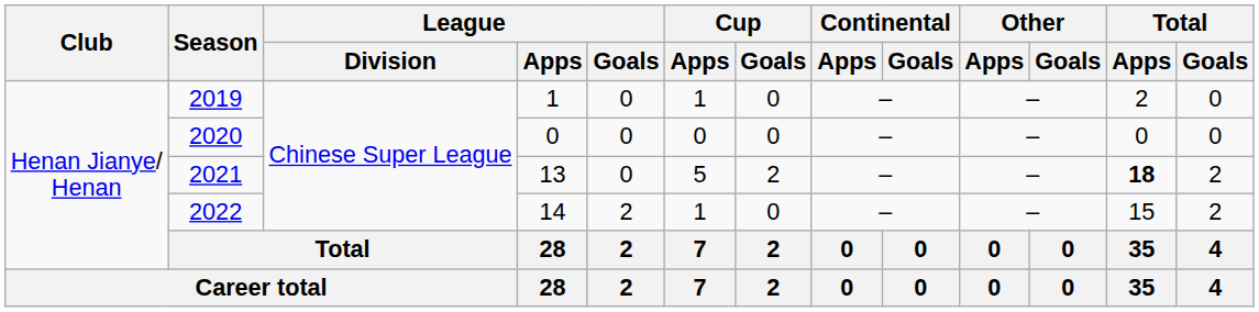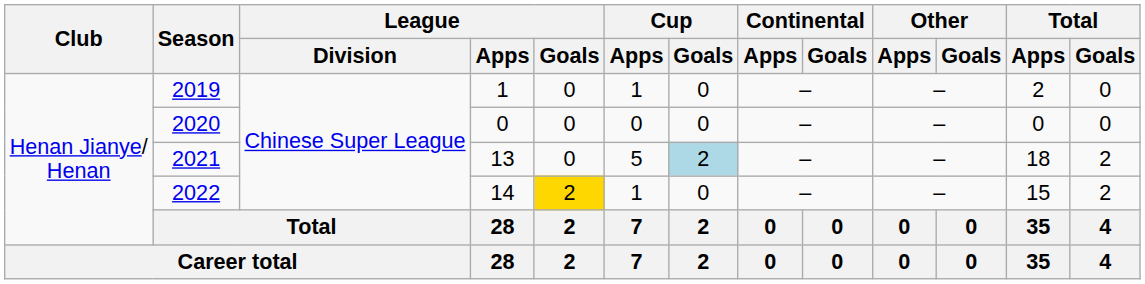 <table class="wikitable" style="text-align: center">
 <tr>
 <th rowspan="2">Club</th>
 <th rowspan="2">Season</th>
 <th colspan="3">League</th>
 <th colspan="2">Cup</th>
 <th colspan="2">Continental</th>
 <th colspan="2">Other</th>
 <th colspan="2">Total</th>
 </tr>
 <tr>
 <th>Division</th>
 <th>Apps</th>
 <th>Goals</th>
 <th>Apps</th>
 <th>Goals</th>
 <th>Apps</th>
 <th>Goals</th>
 <th>Apps</th>
 <th>Goals</th>
 <th>Apps</th>
 <th>Goals</th>
 </tr>
 <tr>
 <td rowspan=5><a href='#'>Henan Jianye</a>/<br><a href='#'>Henan</a></td>
 <td><a href='#'>2019</a></td>
 <td rowspan=4><a href='#'>Chinese Super League</a></td>
 <td>1</td>
 <td>0</td>
 <td>1</td>
 <td>0</td>
 <td colspan="2">–</td>
 <td colspan="2">–</td>
 <td>2</td>
 <td>0</td>
 </tr>
 <tr>
 <td><a href='#'>2020</a></td>
 <td>0</td>
 <td>0</td>
 <td>0</td>
 <td>0</td>
 <td colspan="2">–</td>
 <td colspan="2">–</td>
 <td>0</td>
 <td>0</td>
 </tr>
 <tr>
 <td><a href='#'>2021</a></td>
 <td>13</td>
 <td>0</td>
 <td>5</td>
-<td>2</td>
+<td style="background: lightblue;">2</td>
 <td colspan="2">–</td>
 <td colspan="2">–</td>
-<td><strong>18</strong></td>
+<td>18</td>
 <td>2</td>
 </tr>
 <tr>
 <td><a href='#'>2022</a></td>
 <td>14</td>
-<td>2</td>
+<td style="background: gold;">2</td>
 <td>1</td>
 <td>0</td>
 <td colspan="2">–</td>
 <td colspan="2">–</td>
 <td>15</td>
 <td>2</td>
 </tr>
 <tr>
 <th colspan="2">Total</th>
 <th>28</th>
 <th>2</th>
 <th>7</th>
 <th>2</th>
 <th>0</th>
 <th>0</th>
 <th>0</th>
 <th>0</th>
 <th>35</th>
 <th>4</th>
 </tr>
 <tr>
 <th colspan="3">Career total</th>
 <th>28</th>
 <th>2</th>
 <th>7</th>
 <th>2</th>
 <th>0</th>
 <th>0</th>
 <th>0</th>
 <th>0</th>
 <th>35</th>
 <th>4</th>
 </tr>
 </table>
